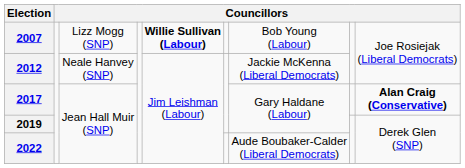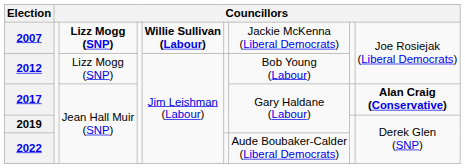 <table class="wikitable" style="text-align:center">
 <tr>
 <th>Election</th>
 <th colspan=8>Councillors</th>
 </tr>
 <tr>
 <th><a href='#'>2007</a></th>
 <td rowspan=5; style="background-color: "></td>
-<td rowspan=1>Lizz Mogg<br>(<a href='#'>SNP</a>)</td>
+<td rowspan=1><strong>Lizz Mogg<br>(<a href='#'>SNP</a>)</strong></td>
 <td rowspan=5; style="background-color: "></td>
 <td rowspan=1><strong>Willie Sullivan<br>(<a href='#'>Labour</a>)</strong></td>
 <td rowspan=1; style="background-color: "></td>
-<td rowspan=1>Bob Young<br>(<a href='#'>Labour</a>)</td>
+<td rowspan=1>Jackie McKenna<br>(<a href='#'>Liberal Democrats</a>)</td>
 <td rowspan=2; style="background-color: "></td>
 <td rowspan=2>Joe Rosiejak<br>(<a href='#'>Liberal Democrats</a>)</td>
 </tr>
 <tr>
 <th><a href='#'>2012</a></th>
-<td rowspan=1>Neale Hanvey<br>(<a href='#'>SNP</a>)</td>
+<td rowspan=1>Lizz Mogg<br>(<a href='#'>SNP</a>)</td>
 <td rowspan=4><a href='#'>Jim Leishman</a><br>(<a href='#'>Labour</a>)</td>
 <td rowspan=3; style="background-color: "></td>
-<td rowspan=1>Jackie McKenna<br>(<a href='#'>Liberal Democrats</a>)</td>
+<td rowspan=1>Bob Young<br>(<a href='#'>Labour</a>)</td>
 </tr>
 <tr>
 <th><a href='#'>2017</a></th>
 <td rowspan=3>Jean Hall Muir<br>(<a href='#'>SNP</a>)</td>
 <td rowspan=2>Gary Haldane<br>(<a href='#'>Labour</a>)</td>
 <td rowspan=1; style="background-color: "></td>
 <td rowspan=1><strong>Alan Craig<br>(<a href='#'>Conservative</a>)</strong></td>
 </tr>
 <tr>
 <th>2019</th>
 <td rowspan=2; style="background-color: "></td>
 <td rowspan=2>Derek Glen<br>(<a href='#'>SNP</a>)</td>
 </tr>
 <tr>
 <th><a href='#'>2022</a></th>
 <td rowspan=1; style="background-color: "></td>
 <td rowspan=1>Aude Boubaker-Calder<br>(<a href='#'>Liberal Democrats</a>)</td>
 </tr>
 </table>
